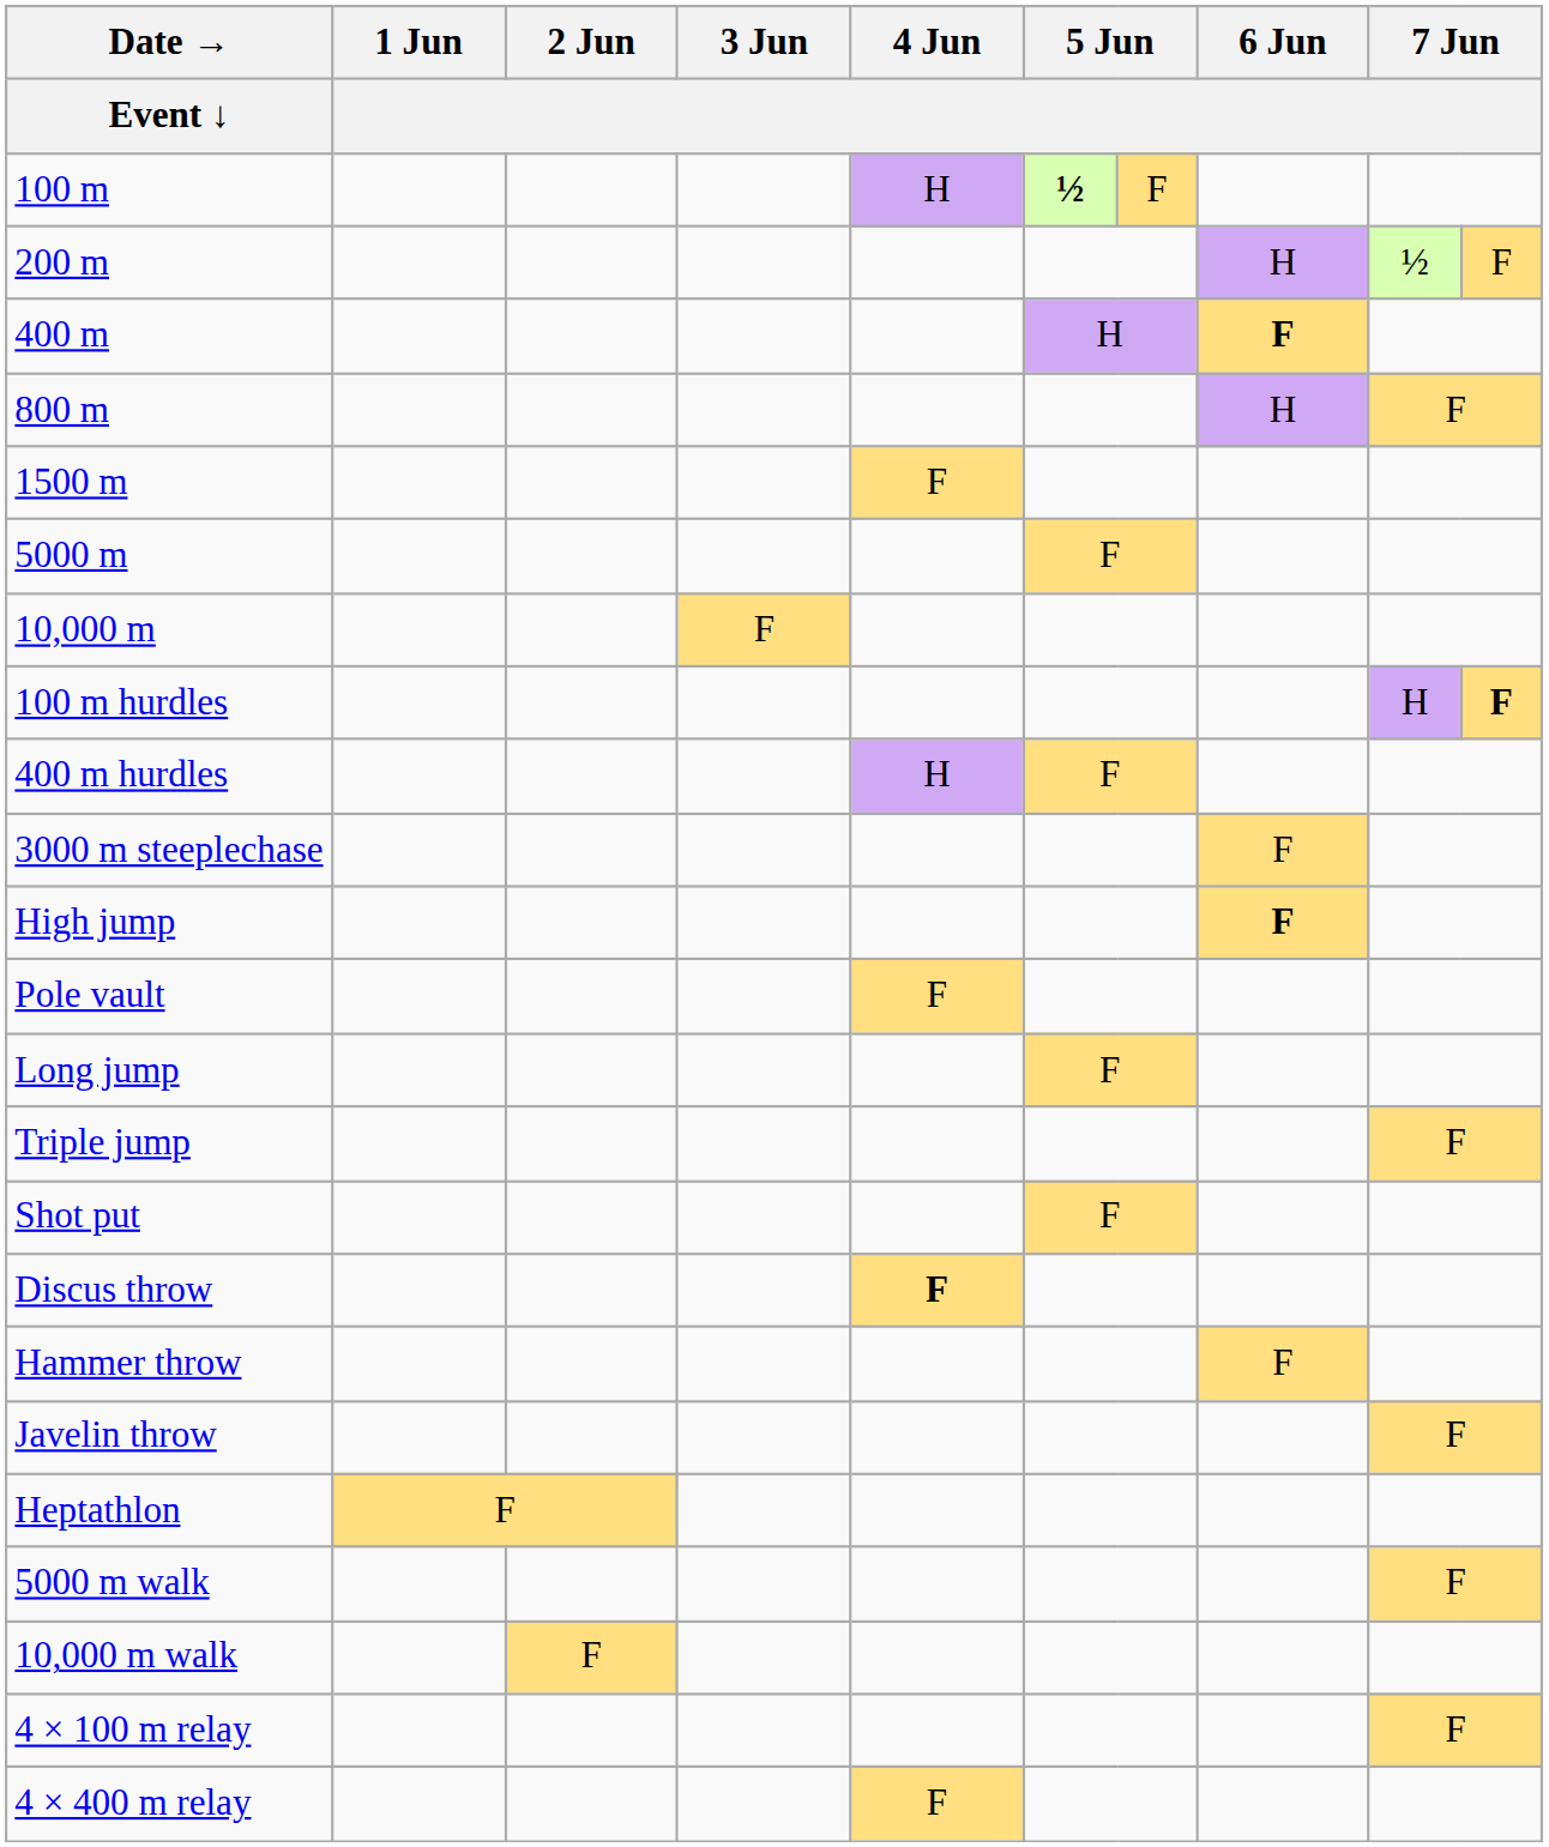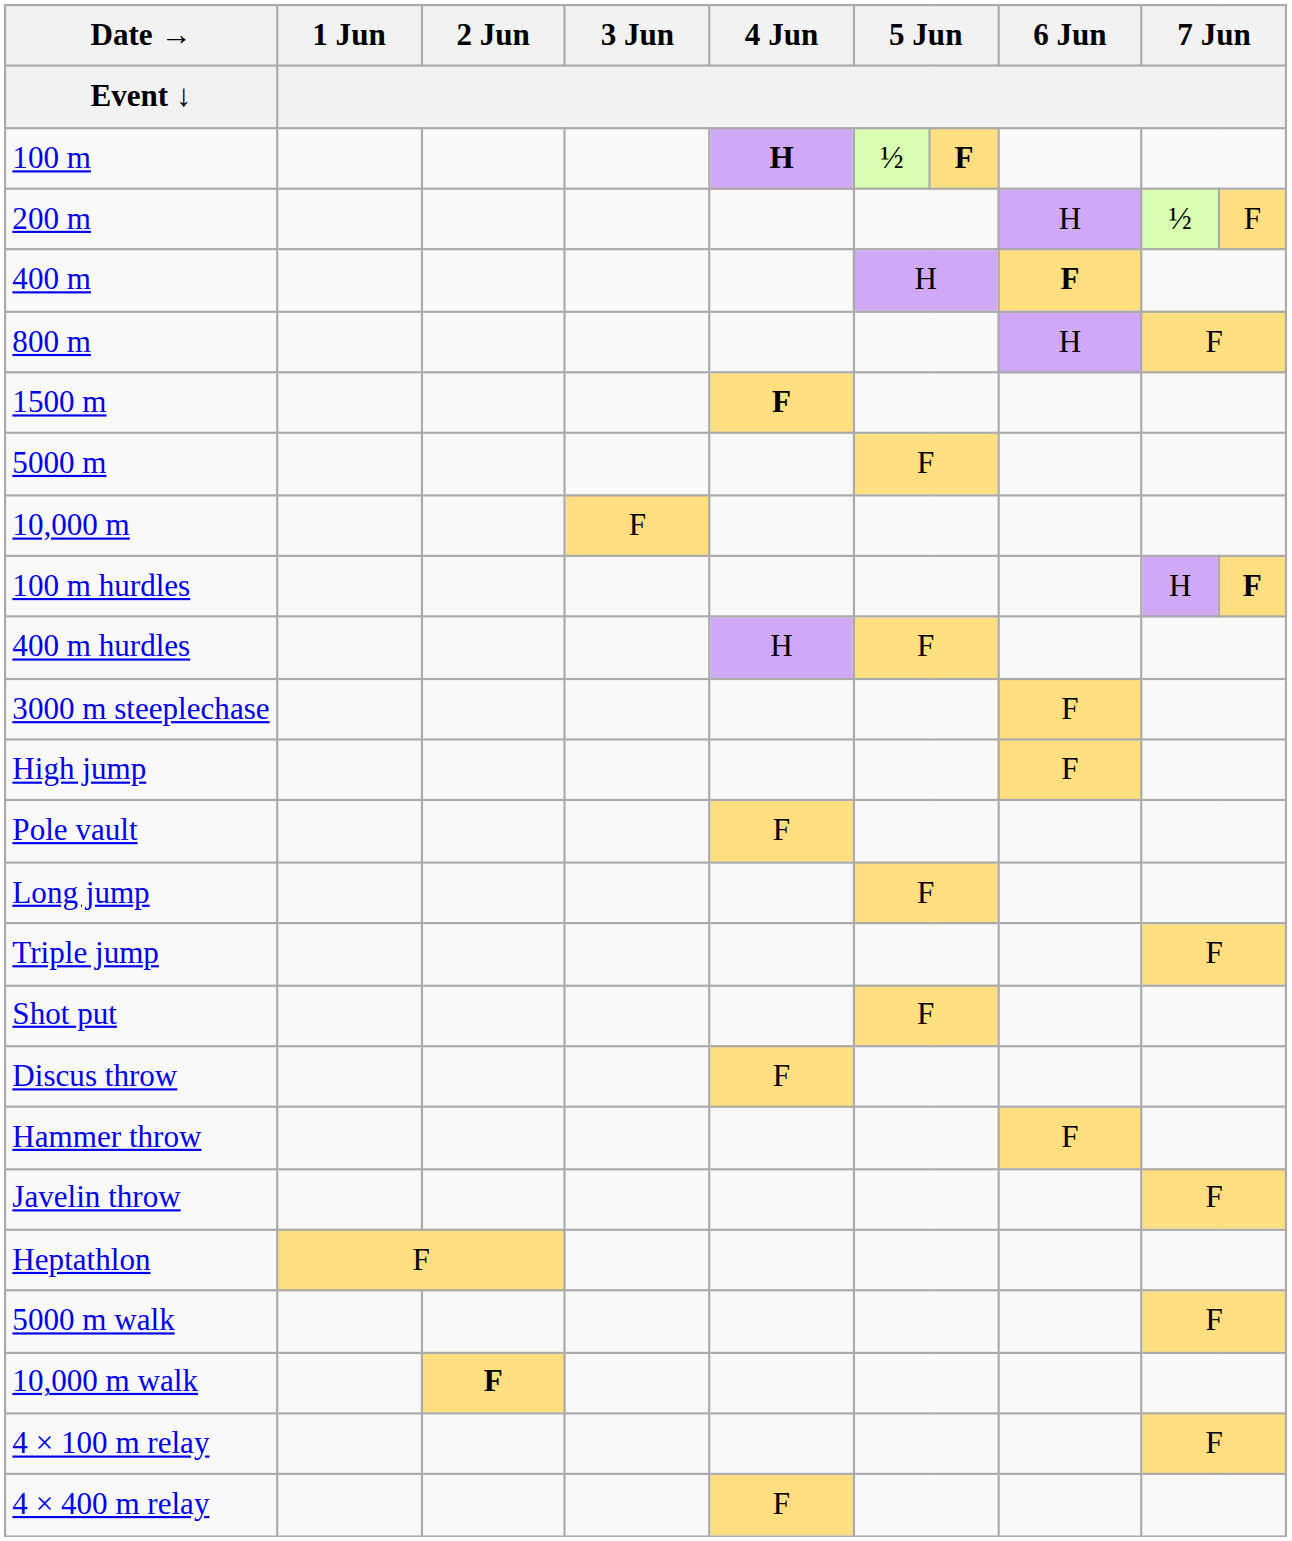 <table class="wikitable mw-datatable" style="font-size:90%; line-height:1.5em;">
 <tr align=center>
 <th>Date →</th>
 <th width=60px>1 Jun</th>
 <th width=60px>2 Jun</th>
 <th width=60px>3 Jun</th>
 <th width=60px>4 Jun</th>
 <th width=60px colspan=2>5 Jun</th>
 <th width=60px>6 Jun</th>
 <th width=60px colspan=2>7 Jun</th>
 </tr>
 <tr>
 <th>Event ↓</th>
 <th colspan=9></th>
 </tr>
 <tr align=center>
 <td align=left><a href='#'>100 m</a></td>
 <td></td>
 <td></td>
 <td></td>
-<td bgcolor="#D0A9F5">H</td>
-<td bgcolor="#D9FFB2"><strong>½</strong></td>
-<td bgcolor="#FFDF80">F</td>
+<td bgcolor="#D0A9F5"><strong>H</strong></td>
+<td bgcolor="#D9FFB2">½</td>
+<td bgcolor="#FFDF80"><strong>F</strong></td>
 <td></td>
 <td colspan=2></td>
 </tr>
 <tr align=center>
 <td align=left><a href='#'>200 m</a></td>
 <td></td>
 <td></td>
 <td></td>
 <td></td>
 <td colspan=2></td>
 <td bgcolor="#D0A9F5">H</td>
 <td bgcolor="#D9FFB2">½</td>
 <td bgcolor="#FFDF80">F</td>
 </tr>
 <tr align=center>
 <td align=left><a href='#'>400 m</a></td>
 <td></td>
 <td></td>
 <td></td>
 <td></td>
 <td bgcolor="#D0A9F5" colspan=2>H</td>
 <td bgcolor="#FFDF80"><strong>F</strong></td>
 <td colspan=2></td>
 </tr>
 <tr align=center>
 <td align=left><a href='#'>800 m</a></td>
 <td></td>
 <td></td>
 <td></td>
 <td></td>
 <td colspan=2></td>
 <td bgcolor="#D0A9F5">H</td>
 <td bgcolor="#FFDF80" colspan=2>F</td>
 </tr>
 <tr align=center>
 <td align=left><a href='#'>1500 m</a></td>
 <td></td>
 <td></td>
 <td></td>
-<td bgcolor="#FFDF80">F</td>
+<td bgcolor="#FFDF80"><strong>F</strong></td>
 <td colspan=2></td>
 <td></td>
 <td colspan=2></td>
 </tr>
 <tr align=center>
 <td align=left><a href='#'>5000 m</a></td>
 <td></td>
 <td></td>
 <td></td>
 <td></td>
 <td bgcolor="#FFDF80" colspan=2>F</td>
 <td></td>
 <td colspan=2></td>
 </tr>
 <tr align=center>
 <td align=left><a href='#'>10,000 m</a></td>
 <td></td>
 <td></td>
 <td bgcolor="#FFDF80">F</td>
 <td></td>
 <td colspan=2></td>
 <td></td>
 <td colspan=2></td>
 </tr>
 <tr align=center>
 <td align=left><a href='#'>100 m hurdles</a></td>
 <td></td>
 <td></td>
 <td></td>
 <td></td>
 <td colspan=2></td>
 <td></td>
 <td bgcolor="#D0A9F5">H</td>
 <td bgcolor="#FFDF80"><strong>F</strong></td>
 </tr>
 <tr align=center>
 <td align=left><a href='#'>400 m hurdles</a></td>
 <td></td>
 <td></td>
 <td></td>
 <td bgcolor="#D0A9F5">H</td>
 <td bgcolor="#FFDF80" colspan=2>F</td>
 <td></td>
 <td colspan=2></td>
 </tr>
 <tr align=center>
 <td align=left><a href='#'>3000 m steeplechase</a></td>
 <td></td>
 <td></td>
 <td></td>
 <td></td>
 <td colspan=2></td>
 <td bgcolor="#FFDF80">F</td>
 <td colspan=2></td>
 </tr>
 <tr align=center>
 <td align=left><a href='#'>High jump</a></td>
 <td></td>
 <td></td>
 <td></td>
 <td></td>
 <td colspan=2></td>
-<td bgcolor="#FFDF80"><strong>F</strong></td>
+<td bgcolor="#FFDF80">F</td>
 <td colspan=2></td>
 </tr>
 <tr align=center>
 <td align=left><a href='#'>Pole vault</a></td>
 <td></td>
 <td></td>
 <td></td>
 <td bgcolor="#FFDF80">F</td>
 <td colspan=2></td>
 <td></td>
 <td colspan=2></td>
 </tr>
 <tr align=center>
 <td align=left><a href='#'>Long jump</a></td>
 <td></td>
 <td></td>
 <td></td>
 <td></td>
 <td bgcolor="#FFDF80" colspan=2>F</td>
 <td></td>
 <td colspan=2></td>
 </tr>
 <tr align=center>
 <td align=left><a href='#'>Triple jump</a></td>
 <td></td>
 <td></td>
 <td></td>
 <td></td>
 <td colspan=2></td>
 <td></td>
 <td bgcolor="#FFDF80" colspan=2>F</td>
 </tr>
 <tr align=center>
 <td align=left><a href='#'>Shot put</a></td>
 <td></td>
 <td></td>
 <td></td>
 <td></td>
 <td bgcolor="#FFDF80" colspan=2>F</td>
 <td></td>
 <td colspan=2></td>
 </tr>
 <tr align=center>
 <td align=left><a href='#'>Discus throw</a></td>
 <td></td>
 <td></td>
 <td></td>
-<td bgcolor="#FFDF80"><strong>F</strong></td>
+<td bgcolor="#FFDF80">F</td>
 <td colspan=2></td>
 <td></td>
 <td colspan=2></td>
 </tr>
 <tr align=center>
 <td align=left><a href='#'>Hammer throw</a></td>
 <td></td>
 <td></td>
 <td></td>
 <td></td>
 <td colspan=2></td>
 <td bgcolor="#FFDF80">F</td>
 <td colspan=2></td>
 </tr>
 <tr align=center>
 <td align=left><a href='#'>Javelin throw</a></td>
 <td></td>
 <td></td>
 <td></td>
 <td></td>
 <td colspan=2></td>
 <td></td>
 <td bgcolor="#FFDF80" colspan=2>F</td>
 </tr>
 <tr align=center>
 <td align=left><a href='#'>Heptathlon</a></td>
 <td bgcolor="#FFDF80" colspan=2>F</td>
 <td></td>
 <td></td>
 <td colspan=2></td>
 <td></td>
 <td colspan=2></td>
 </tr>
 <tr align=center>
 <td align=left><a href='#'>5000 m walk</a></td>
 <td></td>
 <td></td>
 <td></td>
 <td></td>
 <td colspan=2></td>
 <td></td>
 <td bgcolor="#FFDF80" colspan=2>F</td>
 </tr>
 <tr align=center>
 <td align=left><a href='#'>10,000 m walk</a></td>
 <td></td>
-<td bgcolor="#FFDF80">F</td>
+<td bgcolor="#FFDF80"><strong>F</strong></td>
 <td></td>
 <td></td>
 <td colspan=2></td>
 <td></td>
 <td colspan=2></td>
 </tr>
 <tr align=center>
 <td align=left><a href='#'>4 × 100 m relay</a></td>
 <td></td>
 <td></td>
 <td></td>
 <td></td>
 <td colspan=2></td>
 <td></td>
 <td bgcolor="#FFDF80" colspan=2>F</td>
 </tr>
 <tr align=center>
 <td align=left><a href='#'>4 × 400 m relay</a></td>
 <td></td>
 <td></td>
 <td></td>
 <td bgcolor="#FFDF80">F</td>
 <td colspan=2></td>
 <td></td>
 <td colspan=2></td>
 </tr>
 </table>
